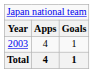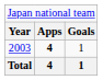 <table class="wikitable" style="text-align:center">
 <tr>
 <td colspan="3"><a href='#'>Japan national team</a></td>
 </tr>
 <tr>
 <th>Year</th>
 <th>Apps</th>
 <th>Goals</th>
 </tr>
 <tr>
 <td><a href='#'>2003</a></td>
-<td>4</td>
+<td><strong>4</strong></td>
 <td>1</td>
 </tr>
 <tr>
 <th>Total</th>
 <th>4</th>
 <th>1</th>
 </tr>
 </table>
